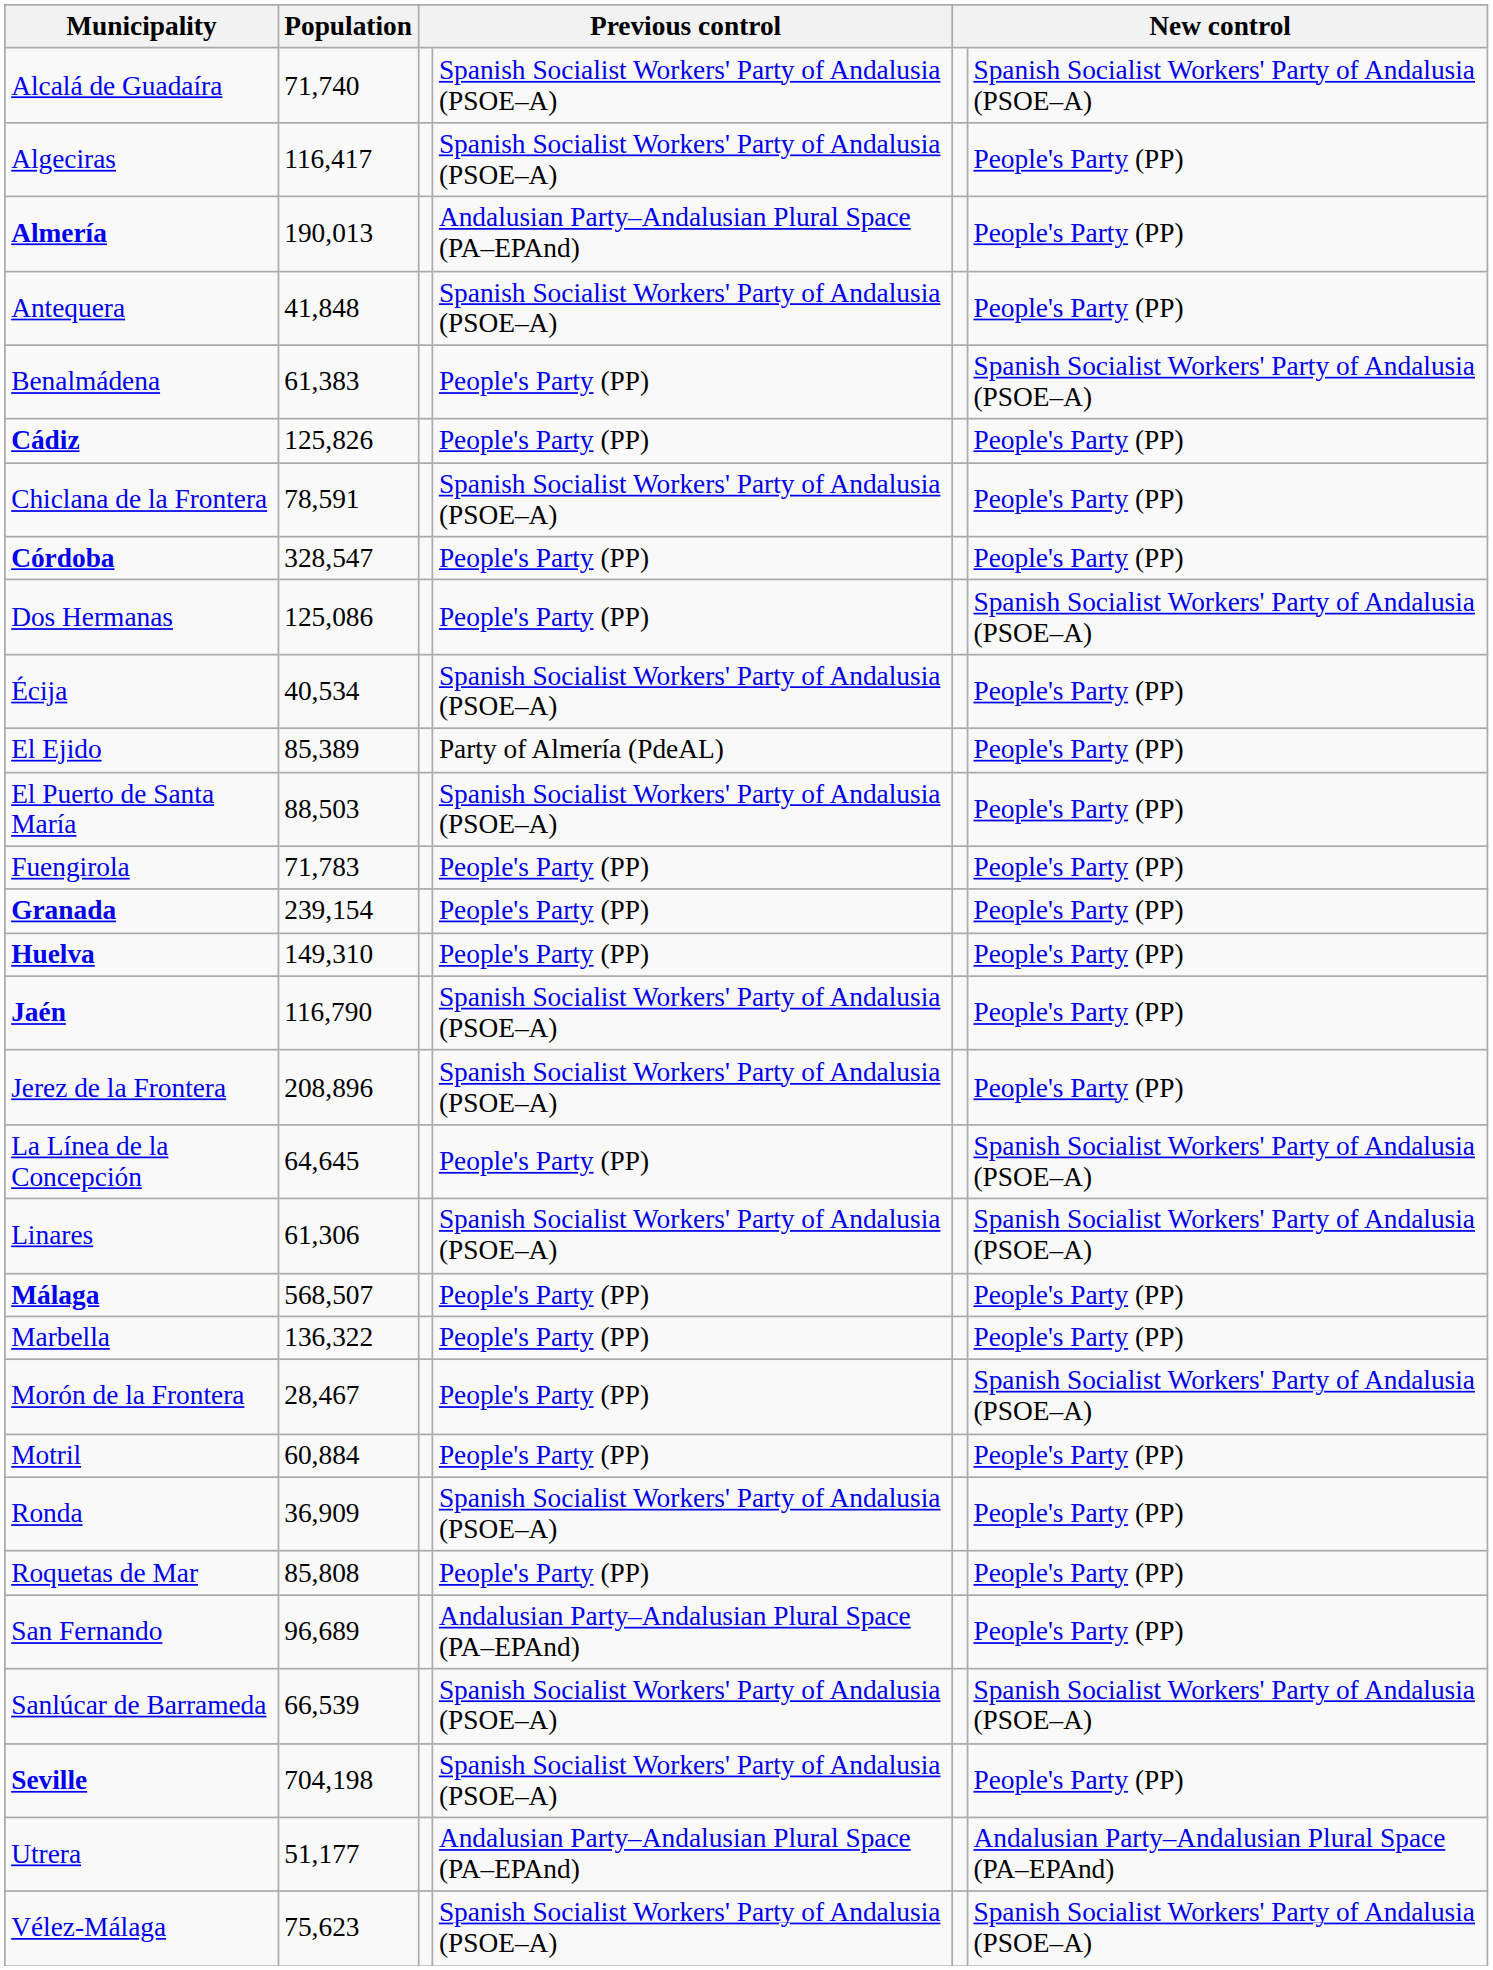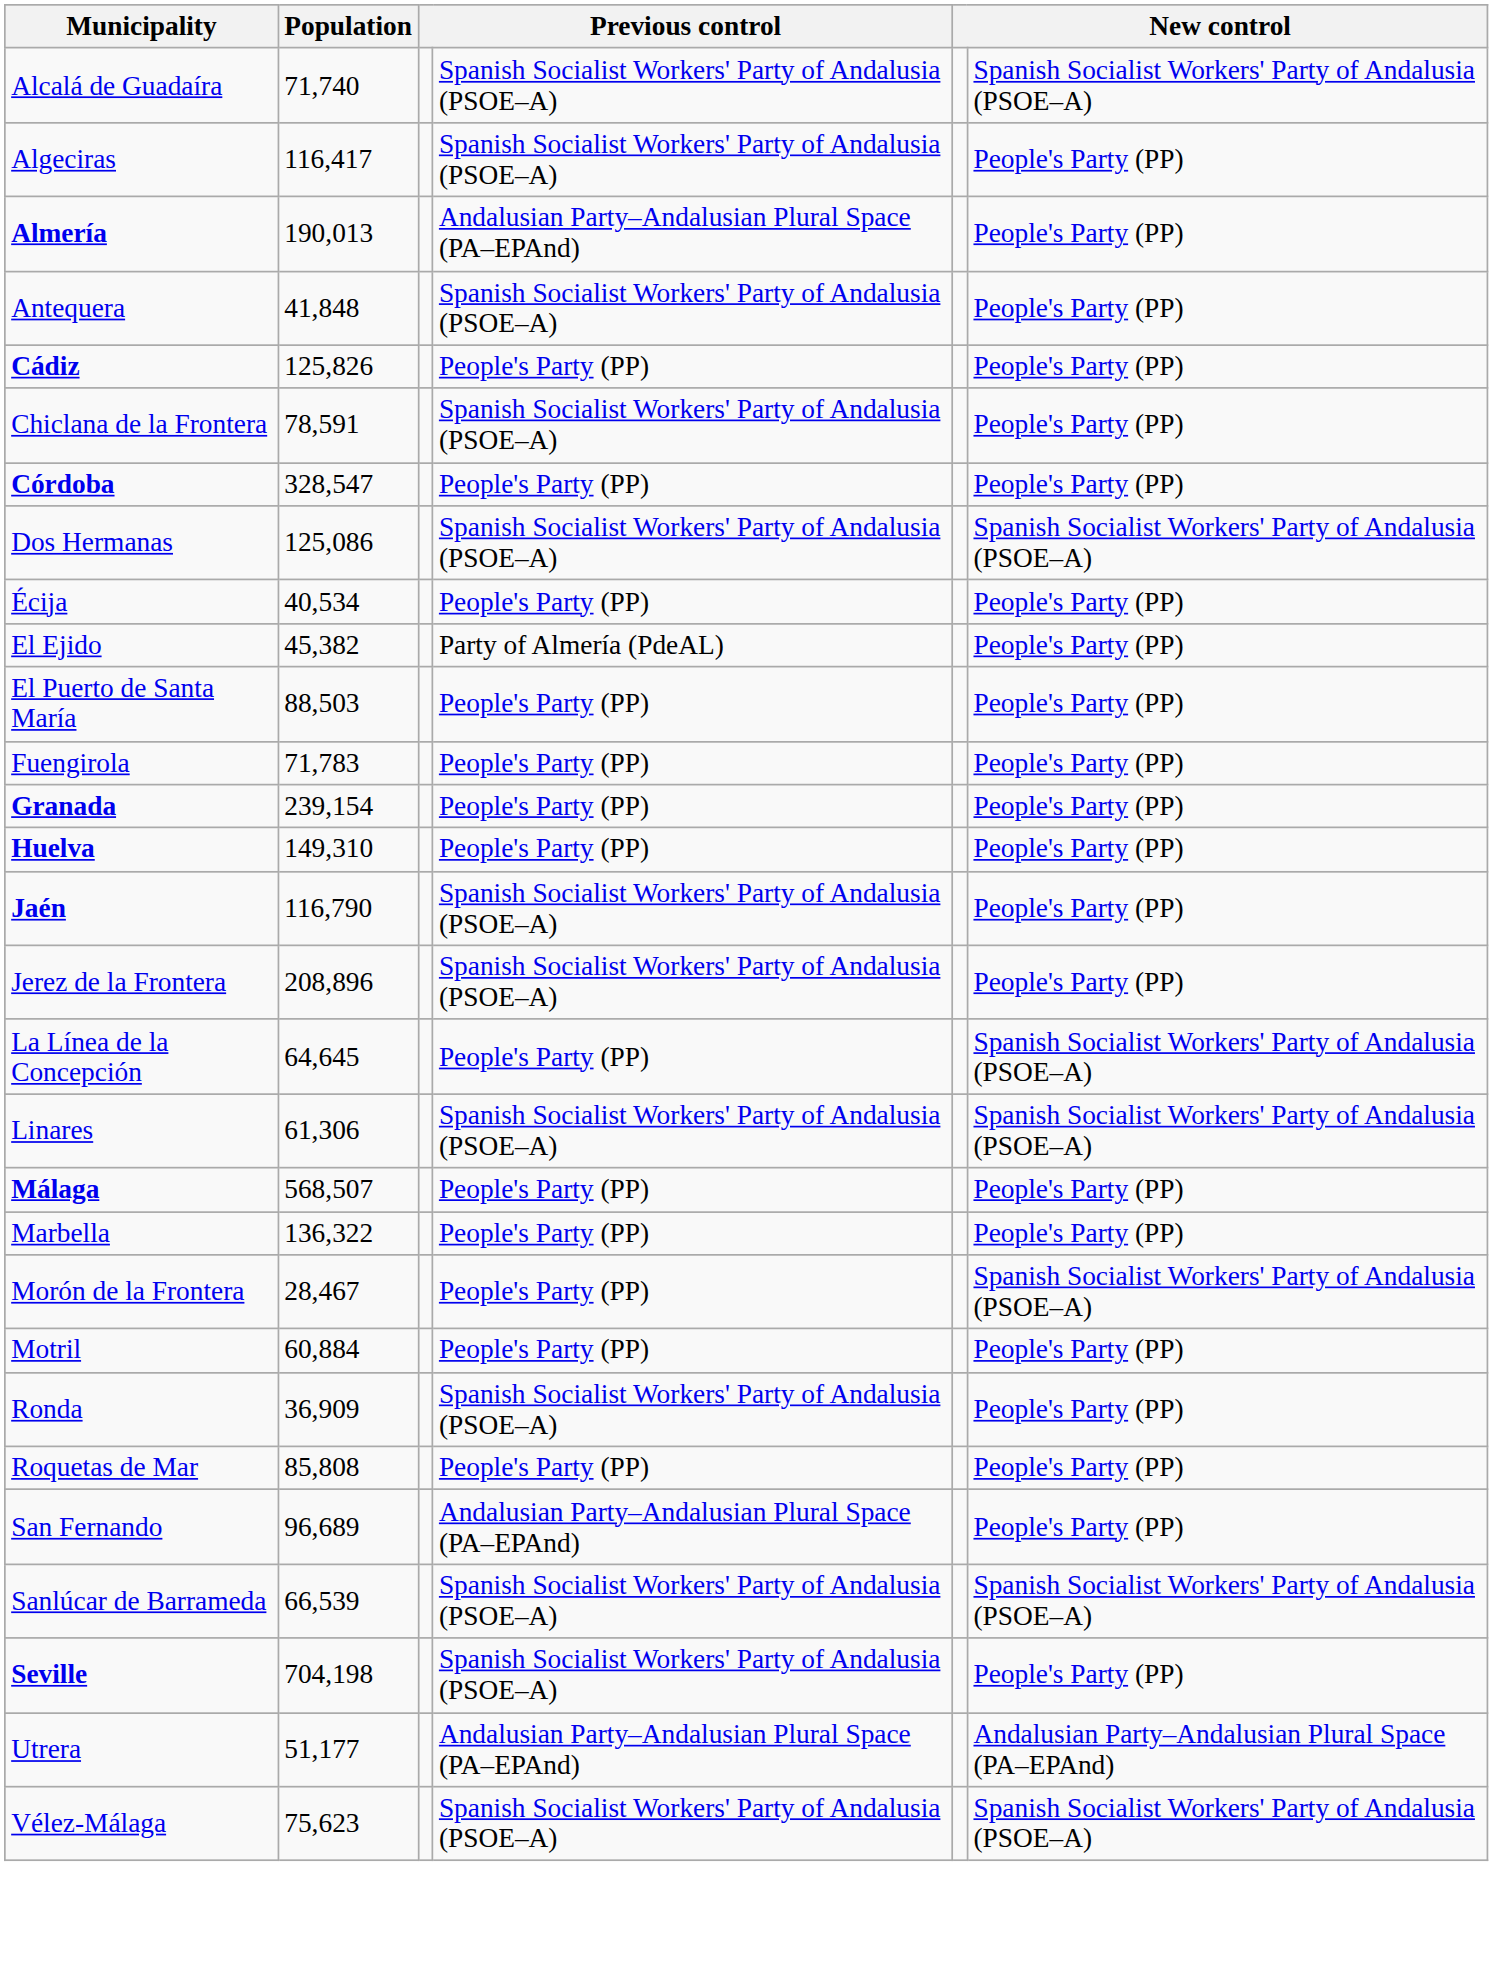 <table class="wikitable sortable">
 <tr>
 <th>Municipality</th>
 <th>Population</th>
 <th colspan="2" style="width:375px;">Previous control</th>
 <th colspan="2" style="width:375px;">New control</th>
 </tr>
 <tr>
 <td><a href='#'>Alcalá de Guadaíra</a></td>
 <td>71,740</td>
 <td width="1" style="color:inherit;background:"></td>
 <td><a href='#'>Spanish Socialist Workers' Party of Andalusia</a> (PSOE–A)</td>
 <td width="1" style="color:inherit;background:"></td>
 <td><a href='#'>Spanish Socialist Workers' Party of Andalusia</a> (PSOE–A)</td>
 </tr>
 <tr>
 <td><a href='#'>Algeciras</a></td>
 <td>116,417</td>
 <td style="color:inherit;background:"></td>
 <td><a href='#'>Spanish Socialist Workers' Party of Andalusia</a> (PSOE–A)</td>
 <td style="color:inherit;background:"></td>
 <td><a href='#'>People's Party</a> (PP)</td>
 </tr>
 <tr>
 <td><strong><a href='#'>Almería</a></strong></td>
 <td>190,013</td>
 <td style="color:inherit;background:"></td>
 <td><a href='#'>Andalusian Party–Andalusian Plural Space</a> (PA–EPAnd)</td>
 <td style="color:inherit;background:"></td>
 <td><a href='#'>People's Party</a> (PP)</td>
 </tr>
 <tr>
 <td><a href='#'>Antequera</a></td>
 <td>41,848</td>
 <td style="color:inherit;background:"></td>
 <td><a href='#'>Spanish Socialist Workers' Party of Andalusia</a> (PSOE–A)</td>
 <td style="color:inherit;background:"></td>
 <td><a href='#'>People's Party</a> (PP)</td>
 </tr>
 <tr>
-<td><a href='#'>Benalmádena</a></td>
-<td>61,383</td>
-<td style="color:inherit;background:"></td>
-<td><a href='#'>People's Party</a> (PP)</td>
-<td style="color:inherit;background:"></td>
-<td><a href='#'>Spanish Socialist Workers' Party of Andalusia</a> (PSOE–A) </td>
-</tr>
-<tr>
 <td><strong><a href='#'>Cádiz</a></strong></td>
 <td>125,826</td>
 <td style="color:inherit;background:"></td>
 <td><a href='#'>People's Party</a> (PP)</td>
 <td style="color:inherit;background:"></td>
 <td><a href='#'>People's Party</a> (PP)</td>
 </tr>
 <tr>
 <td><a href='#'>Chiclana de la Frontera</a></td>
 <td>78,591</td>
 <td style="color:inherit;background:"></td>
 <td><a href='#'>Spanish Socialist Workers' Party of Andalusia</a> (PSOE–A)</td>
 <td style="color:inherit;background:"></td>
 <td><a href='#'>People's Party</a> (PP)</td>
 </tr>
 <tr>
 <td><strong><a href='#'>Córdoba</a></strong></td>
 <td>328,547</td>
 <td style="color:inherit;background:"></td>
 <td><a href='#'>People's Party</a> (PP)</td>
 <td style="color:inherit;background:"></td>
 <td><a href='#'>People's Party</a> (PP)</td>
 </tr>
 <tr>
 <td><a href='#'>Dos Hermanas</a></td>
 <td>125,086</td>
 <td style="color:inherit;background:"></td>
-<td><a href='#'>People's Party</a> (PP)</td>
+<td><a href='#'>Spanish Socialist Workers' Party of Andalusia</a> (PSOE–A)</td>
 <td style="color:inherit;background:"></td>
 <td><a href='#'>Spanish Socialist Workers' Party of Andalusia</a> (PSOE–A)</td>
 </tr>
 <tr>
 <td><a href='#'>Écija</a></td>
 <td>40,534</td>
 <td style="color:inherit;background:"></td>
-<td><a href='#'>Spanish Socialist Workers' Party of Andalusia</a> (PSOE–A)</td>
+<td><a href='#'>People's Party</a> (PP)</td>
 <td style="color:inherit;background:"></td>
 <td><a href='#'>People's Party</a> (PP)</td>
 </tr>
 <tr>
 <td><a href='#'>El Ejido</a></td>
-<td>85,389</td>
+<td>45,382</td>
 <td style="color:inherit;background:"></td>
 <td>Party of Almería (PdeAL)</td>
 <td style="color:inherit;background:"></td>
 <td><a href='#'>People's Party</a> (PP)</td>
 </tr>
 <tr>
 <td><a href='#'>El Puerto de Santa María</a></td>
 <td>88,503</td>
 <td style="color:inherit;background:"></td>
-<td><a href='#'>Spanish Socialist Workers' Party of Andalusia</a> (PSOE–A)</td>
+<td><a href='#'>People's Party</a> (PP)</td>
 <td style="color:inherit;background:"></td>
 <td><a href='#'>People's Party</a> (PP)</td>
 </tr>
 <tr>
 <td><a href='#'>Fuengirola</a></td>
 <td>71,783</td>
 <td style="color:inherit;background:"></td>
 <td><a href='#'>People's Party</a> (PP)</td>
 <td style="color:inherit;background:"></td>
 <td><a href='#'>People's Party</a> (PP)</td>
 </tr>
 <tr>
 <td><strong><a href='#'>Granada</a></strong></td>
 <td>239,154</td>
 <td style="color:inherit;background:"></td>
 <td><a href='#'>People's Party</a> (PP)</td>
 <td style="color:inherit;background:"></td>
 <td><a href='#'>People's Party</a> (PP)</td>
 </tr>
 <tr>
 <td><strong><a href='#'>Huelva</a></strong></td>
 <td>149,310</td>
 <td style="color:inherit;background:"></td>
 <td><a href='#'>People's Party</a> (PP)</td>
 <td style="color:inherit;background:"></td>
 <td><a href='#'>People's Party</a> (PP)</td>
 </tr>
 <tr>
 <td><strong><a href='#'>Jaén</a></strong></td>
 <td>116,790</td>
 <td style="color:inherit;background:"></td>
 <td><a href='#'>Spanish Socialist Workers' Party of Andalusia</a> (PSOE–A)</td>
 <td style="color:inherit;background:"></td>
 <td><a href='#'>People's Party</a> (PP)</td>
 </tr>
 <tr>
 <td><a href='#'>Jerez de la Frontera</a></td>
 <td>208,896</td>
 <td style="color:inherit;background:"></td>
 <td><a href='#'>Spanish Socialist Workers' Party of Andalusia</a> (PSOE–A)</td>
 <td style="color:inherit;background:"></td>
 <td><a href='#'>People's Party</a> (PP)</td>
 </tr>
 <tr>
 <td><a href='#'>La Línea de la Concepción</a></td>
 <td>64,645</td>
 <td style="color:inherit;background:"></td>
 <td><a href='#'>People's Party</a> (PP)</td>
 <td style="color:inherit;background:"></td>
 <td><a href='#'>Spanish Socialist Workers' Party of Andalusia</a> (PSOE–A)</td>
 </tr>
 <tr>
 <td><a href='#'>Linares</a></td>
 <td>61,306</td>
 <td style="color:inherit;background:"></td>
 <td><a href='#'>Spanish Socialist Workers' Party of Andalusia</a> (PSOE–A)</td>
 <td style="color:inherit;background:"></td>
 <td><a href='#'>Spanish Socialist Workers' Party of Andalusia</a> (PSOE–A)</td>
 </tr>
 <tr>
 <td><strong><a href='#'>Málaga</a></strong></td>
 <td>568,507</td>
 <td style="color:inherit;background:"></td>
 <td><a href='#'>People's Party</a> (PP)</td>
 <td style="color:inherit;background:"></td>
 <td><a href='#'>People's Party</a> (PP)</td>
 </tr>
 <tr>
 <td><a href='#'>Marbella</a></td>
 <td>136,322</td>
 <td style="color:inherit;background:"></td>
 <td><a href='#'>People's Party</a> (PP)</td>
 <td style="color:inherit;background:"></td>
 <td><a href='#'>People's Party</a> (PP)</td>
 </tr>
 <tr>
 <td><a href='#'>Morón de la Frontera</a></td>
 <td>28,467</td>
 <td style="color:inherit;background:"></td>
 <td><a href='#'>People's Party</a> (PP)</td>
 <td style="color:inherit;background:"></td>
 <td><a href='#'>Spanish Socialist Workers' Party of Andalusia</a> (PSOE–A)</td>
 </tr>
 <tr>
 <td><a href='#'>Motril</a></td>
 <td>60,884</td>
 <td style="color:inherit;background:"></td>
 <td><a href='#'>People's Party</a> (PP)</td>
 <td style="color:inherit;background:"></td>
 <td><a href='#'>People's Party</a> (PP)</td>
 </tr>
 <tr>
 <td><a href='#'>Ronda</a></td>
 <td>36,909</td>
 <td style="color:inherit;background:"></td>
 <td><a href='#'>Spanish Socialist Workers' Party of Andalusia</a> (PSOE–A)</td>
 <td style="color:inherit;background:"></td>
 <td><a href='#'>People's Party</a> (PP)</td>
 </tr>
 <tr>
 <td><a href='#'>Roquetas de Mar</a></td>
 <td>85,808</td>
 <td style="color:inherit;background:"></td>
 <td><a href='#'>People's Party</a> (PP)</td>
 <td style="color:inherit;background:"></td>
 <td><a href='#'>People's Party</a> (PP)</td>
 </tr>
 <tr>
 <td><a href='#'>San Fernando</a></td>
 <td>96,689</td>
 <td style="color:inherit;background:"></td>
 <td><a href='#'>Andalusian Party–Andalusian Plural Space</a> (PA–EPAnd)</td>
 <td style="color:inherit;background:"></td>
 <td><a href='#'>People's Party</a> (PP)</td>
 </tr>
 <tr>
 <td><a href='#'>Sanlúcar de Barrameda</a></td>
 <td>66,539</td>
 <td style="color:inherit;background:"></td>
 <td><a href='#'>Spanish Socialist Workers' Party of Andalusia</a> (PSOE–A)</td>
 <td style="color:inherit;background:"></td>
 <td><a href='#'>Spanish Socialist Workers' Party of Andalusia</a> (PSOE–A)</td>
 </tr>
 <tr>
 <td><strong><a href='#'>Seville</a></strong></td>
 <td>704,198</td>
 <td style="color:inherit;background:"></td>
 <td><a href='#'>Spanish Socialist Workers' Party of Andalusia</a> (PSOE–A)</td>
 <td style="color:inherit;background:"></td>
 <td><a href='#'>People's Party</a> (PP)</td>
 </tr>
 <tr>
 <td><a href='#'>Utrera</a></td>
 <td>51,177</td>
 <td style="color:inherit;background:"></td>
 <td><a href='#'>Andalusian Party–Andalusian Plural Space</a> (PA–EPAnd)</td>
 <td style="color:inherit;background:"></td>
 <td><a href='#'>Andalusian Party–Andalusian Plural Space</a> (PA–EPAnd)</td>
 </tr>
 <tr>
 <td><a href='#'>Vélez-Málaga</a></td>
 <td>75,623</td>
 <td style="color:inherit;background:"></td>
 <td><a href='#'>Spanish Socialist Workers' Party of Andalusia</a> (PSOE–A)</td>
 <td style="color:inherit;background:"></td>
 <td><a href='#'>Spanish Socialist Workers' Party of Andalusia</a> (PSOE–A)</td>
 </tr>
 </table>
